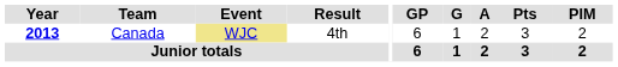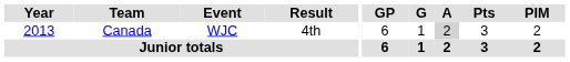 <table border="0" cellpadding="1" cellspacing="0" ID="Table3" style="text-align:center; width:40em">
 <tr ALIGN="center" bgcolor="#e0e0e0">
 <th>Year</th>
 <th>Team</th>
 <th>Event</th>
 <th>Result</th>
 <th rowspan="99" bgcolor="#ffffff"></th>
 <th>GP</th>
 <th>G</th>
 <th>A</th>
 <th>Pts</th>
 <th>PIM</th>
 </tr>
 <tr>
-<td><strong><a href='#'>2013</a></strong></td>
+<td><a href='#'>2013</a></td>
 <td><a href='#'>Canada</a></td>
-<td style="background: khaki;"><a href='#'>WJC</a></td>
+<td><a href='#'>WJC</a></td>
 <td>4th</td>
 <td>6</td>
 <td>1</td>
-<td>2</td>
+<td style="background: lightgrey;">2</td>
 <td>3</td>
 <td>2</td>
 </tr>
 <tr ALIGN="center" bgcolor="#e0e0e0">
 <th colspan=4>Junior totals</th>
 <th>6</th>
 <th>1</th>
 <th>2</th>
 <th>3</th>
 <th>2</th>
 </tr>
 </table>
